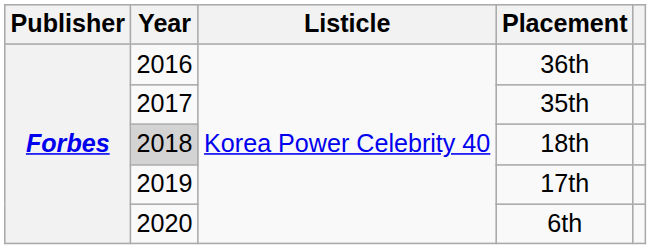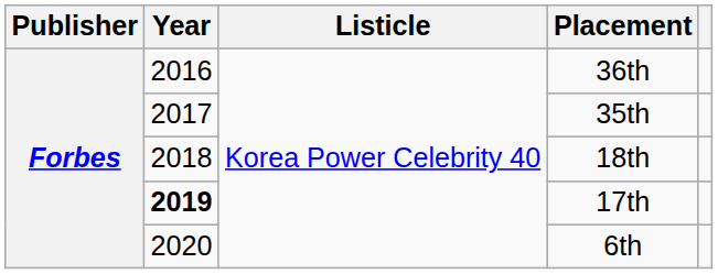 <table class="wikitable plainrowheaders sortable" style="margin-right: 0;">
 <tr>
 <th scope="col">Publisher</th>
 <th scope="col">Year</th>
 <th scope="col">Listicle</th>
 <th scope="col">Placement</th>
 <th scope="col" class="unsortable"></th>
 </tr>
 <tr>
 <th scope="row" rowspan="5"><em><a href='#'>Forbes</a></em></th>
 <td>2016</td>
 <td rowspan="5"><a href='#'>Korea Power Celebrity 40</a></td>
 <td style="text-align:center;">36th</td>
 <td style="text-align:center;"></td>
 </tr>
 <tr>
 <td>2017</td>
 <td style="text-align:center;">35th</td>
 <td style="text-align:center;"></td>
 </tr>
 <tr>
-<td style="background: lightgrey;">2018</td>
+<td>2018</td>
 <td style="text-align:center;">18th</td>
 <td style="text-align:center;"></td>
 </tr>
 <tr>
-<td>2019</td>
+<td><strong>2019</strong></td>
 <td style="text-align:center;">17th</td>
 <td style="text-align:center;"></td>
 </tr>
 <tr>
 <td>2020</td>
 <td style="text-align:center;">6th</td>
 <td style="text-align:center;"></td>
 </tr>
 </table>
